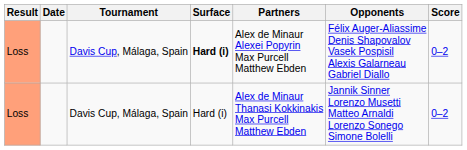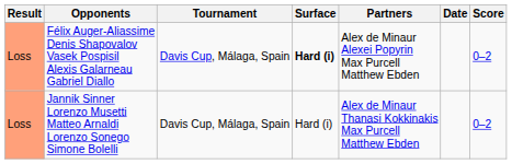 <table class="sortable wikitable">
 <tr>
 <th>Result</th>
-<th>Date</th>
+<th>Opponents</th>
 <th>Tournament</th>
 <th>Surface</th>
 <th>Partners</th>
-<th>Opponents</th>
+<th>Date</th>
 <th class="unsortable">Score</th>
 </tr>
 <tr>
 <td bgcolor=FFA07A>Loss</td>
-<td><a href='#'></a></td>
+<td> <a href='#'>Félix Auger-Aliassime</a><br> <a href='#'>Denis Shapovalov</a><br> <a href='#'>Vasek Pospisil</a><br> <a href='#'>Alexis Galarneau</a><br> <a href='#'>Gabriel Diallo</a></td>
 <td><a href='#'>Davis Cup</a>, Málaga, Spain</td>
 <td><strong>Hard (i)</strong></td>
 <td> Alex de Minaur <br> <a href='#'>Alexei Popyrin</a> <br> Max Purcell <br> Matthew Ebden</td>
-<td> <a href='#'>Félix Auger-Aliassime</a><br> <a href='#'>Denis Shapovalov</a><br> <a href='#'>Vasek Pospisil</a><br> <a href='#'>Alexis Galarneau</a><br> <a href='#'>Gabriel Diallo</a></td>
+<td><a href='#'></a></td>
 <td><a href='#'>0–2</a></td>
 </tr>
 <tr>
 <td bgcolor=FFA07A>Loss</td>
-<td><a href='#'></a></td>
+<td> <a href='#'>Jannik Sinner</a> <br> <a href='#'>Lorenzo Musetti</a> <br> <a href='#'>Matteo Arnaldi</a> <br> <a href='#'>Lorenzo Sonego</a> <br> <a href='#'>Simone Bolelli</a></td>
 <td>Davis Cup, Málaga, Spain</td>
 <td>Hard (i)</td>
 <td> <a href='#'>Alex de Minaur</a> <br> <a href='#'>Thanasi Kokkinakis</a> <br> <a href='#'>Max Purcell</a> <br> <a href='#'>Matthew Ebden</a></td>
-<td> <a href='#'>Jannik Sinner</a> <br> <a href='#'>Lorenzo Musetti</a> <br> <a href='#'>Matteo Arnaldi</a> <br> <a href='#'>Lorenzo Sonego</a> <br> <a href='#'>Simone Bolelli</a></td>
+<td><a href='#'></a></td>
 <td><a href='#'>0–2</a></td>
 </tr>
 </table>
